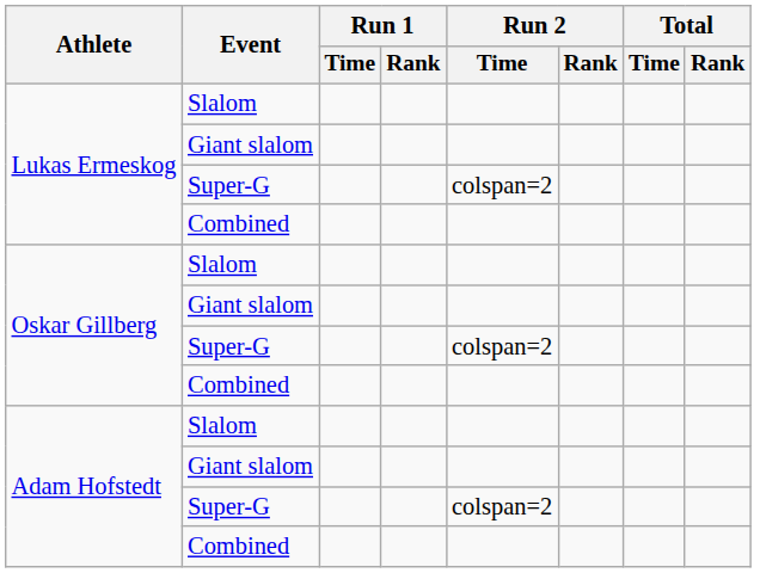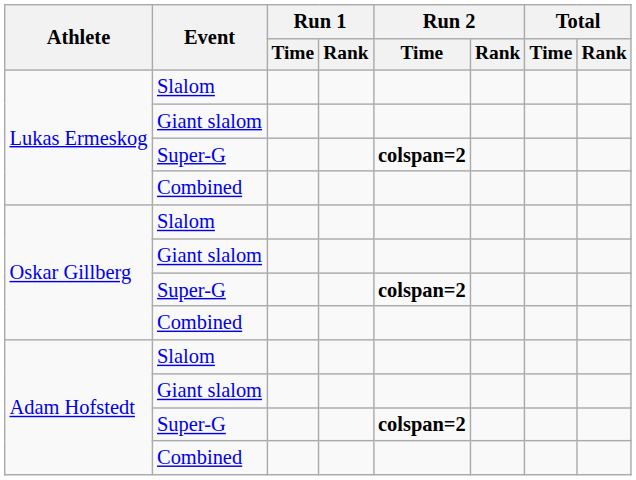 <table class="wikitable" style="font-size:90%">
 <tr>
 <th rowspan=2>Athlete</th>
 <th rowspan=2>Event</th>
 <th colspan=2>Run 1</th>
 <th colspan=2>Run 2</th>
 <th colspan=2>Total</th>
 </tr>
 <tr style="font-size:95%">
 <th>Time</th>
 <th>Rank</th>
 <th>Time</th>
 <th>Rank</th>
 <th>Time</th>
 <th>Rank</th>
 </tr>
 <tr align=center>
 <td align="left" rowspan=4><a href='#'>Lukas Ermeskog</a></td>
 <td align="left"><a href='#'>Slalom</a></td>
 <td></td>
 <td></td>
 <td></td>
 <td></td>
 <td></td>
 <td></td>
 </tr>
 <tr align=center>
 <td align="left"><a href='#'>Giant slalom</a></td>
 <td></td>
 <td></td>
 <td></td>
 <td></td>
 <td></td>
 <td></td>
 </tr>
 <tr align=center>
 <td align="left"><a href='#'>Super-G</a></td>
 <td></td>
 <td></td>
-<td>colspan=2 </td>
+<td><strong>colspan=2 </strong></td>
 <td></td>
 <td></td>
 </tr>
 <tr align=center>
 <td align="left"><a href='#'>Combined</a></td>
 <td></td>
 <td></td>
 <td></td>
 <td></td>
 <td></td>
 <td></td>
 </tr>
 <tr align=center>
 <td align="left" rowspan=4><a href='#'>Oskar Gillberg</a></td>
 <td align="left"><a href='#'>Slalom</a></td>
 <td></td>
 <td></td>
 <td></td>
 <td></td>
 <td></td>
 <td></td>
 </tr>
 <tr align=center>
 <td align="left"><a href='#'>Giant slalom</a></td>
 <td></td>
 <td></td>
 <td></td>
 <td></td>
 <td></td>
 <td></td>
 </tr>
 <tr align=center>
 <td align="left"><a href='#'>Super-G</a></td>
 <td></td>
 <td></td>
-<td>colspan=2 </td>
+<td><strong>colspan=2 </strong></td>
 <td></td>
 <td></td>
 </tr>
 <tr align=center>
 <td align="left"><a href='#'>Combined</a></td>
 <td></td>
 <td></td>
 <td></td>
 <td></td>
 <td></td>
 <td></td>
 </tr>
 <tr align=center>
 <td align="left" rowspan=4><a href='#'>Adam Hofstedt</a></td>
 <td align="left"><a href='#'>Slalom</a></td>
 <td></td>
 <td></td>
 <td></td>
 <td></td>
 <td></td>
 <td></td>
 </tr>
 <tr align=center>
 <td align="left"><a href='#'>Giant slalom</a></td>
 <td></td>
 <td></td>
 <td></td>
 <td></td>
 <td></td>
 <td></td>
 </tr>
 <tr align=center>
 <td align="left"><a href='#'>Super-G</a></td>
 <td></td>
 <td></td>
-<td>colspan=2 </td>
+<td><strong>colspan=2 </strong></td>
 <td></td>
 <td></td>
 </tr>
 <tr align=center>
 <td align="left"><a href='#'>Combined</a></td>
 <td></td>
 <td></td>
 <td></td>
 <td></td>
 <td></td>
 <td></td>
 </tr>
 </table>
